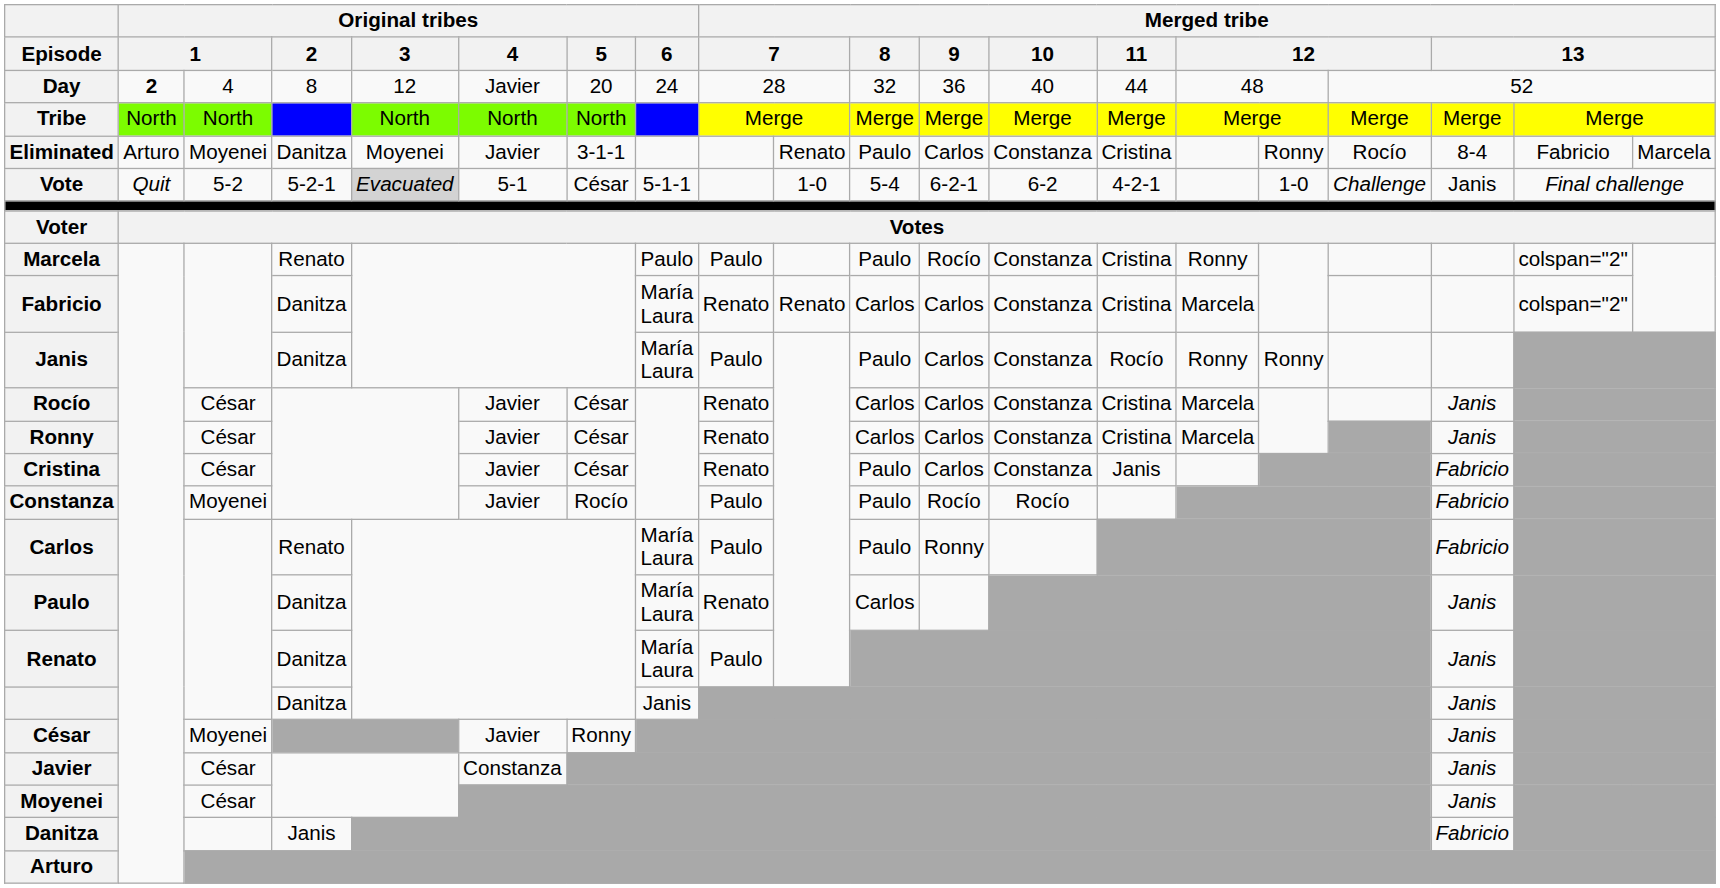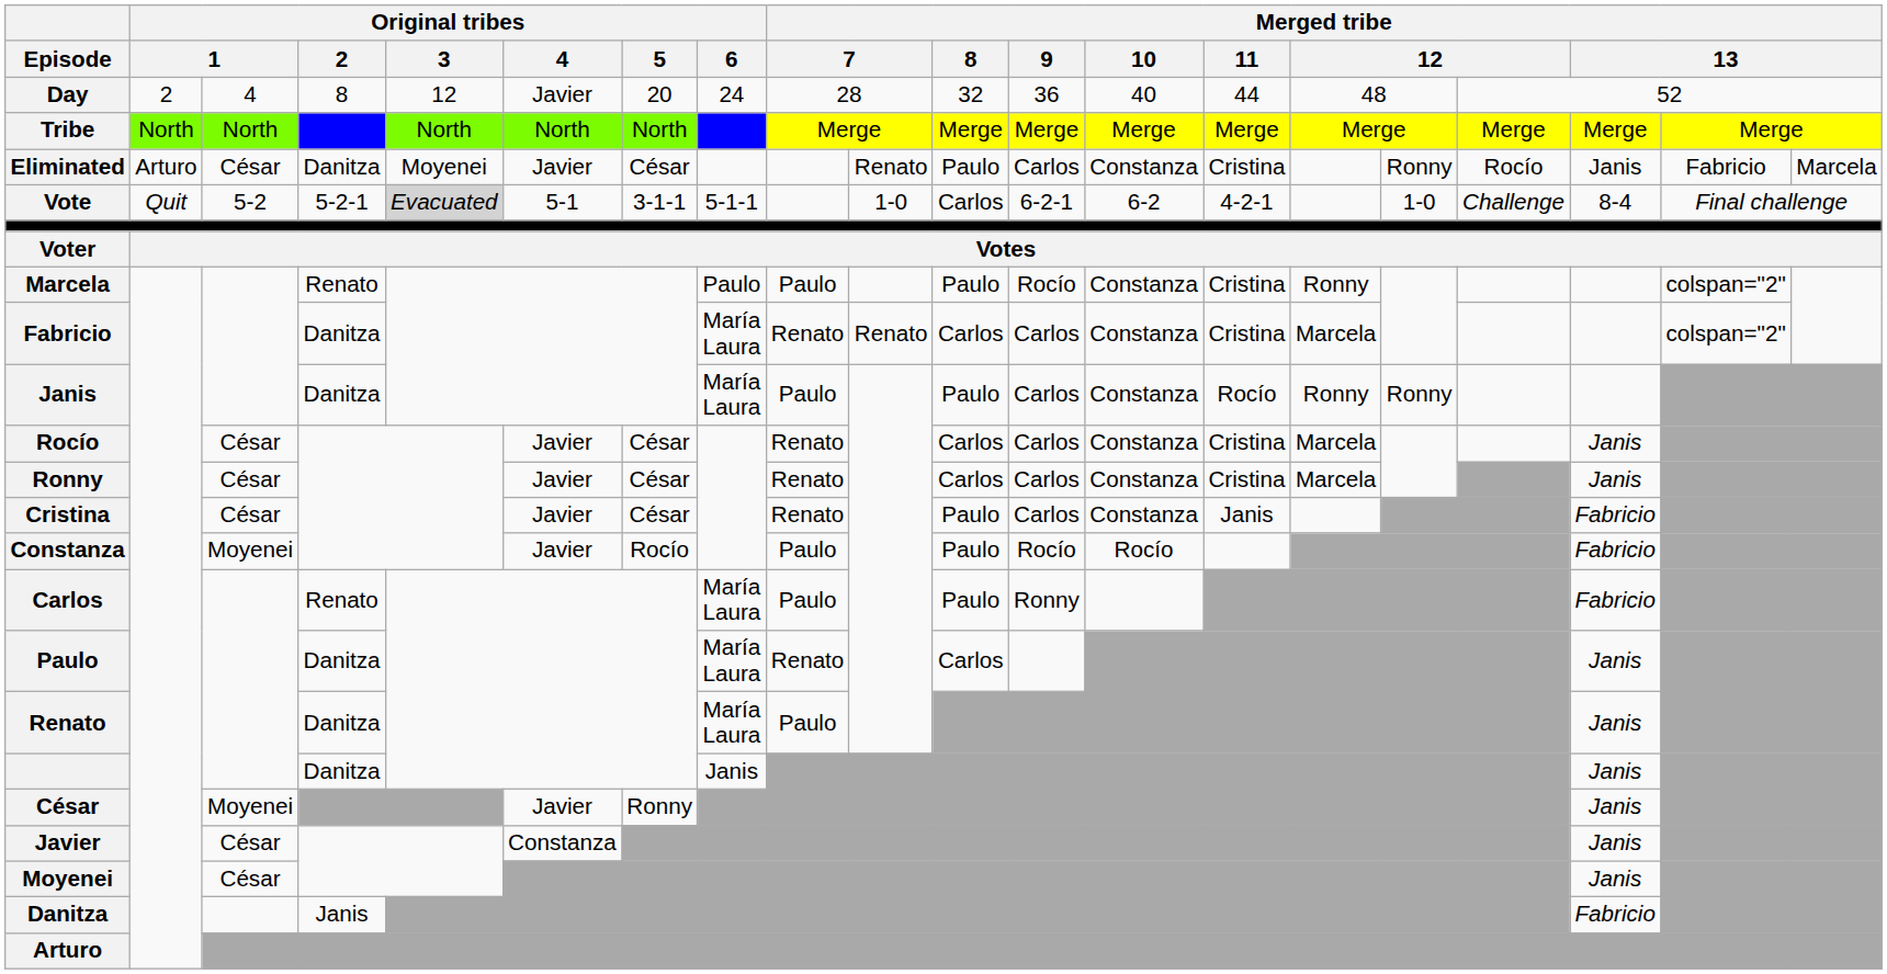 <table class="wikitable" style="text-align:center">
 <tr>
 <th></th>
 <th colspan=7>Original tribes</th>
 <th colspan=12>Merged tribe</th>
 </tr>
 <tr>
 <th>Episode</th>
 <th colspan="2">1</th>
 <th>2</th>
 <th>3</th>
 <th>4</th>
 <th>5</th>
 <th>6</th>
 <th colspan="2">7</th>
 <th>8</th>
 <th>9</th>
 <th>10</th>
 <th>11</th>
 <th colspan="3">12</th>
 <th colspan="3">13</th>
 </tr>
 <tr>
 <th>Day</th>
-<td><strong>2</strong></td>
+<td>2</td>
 <td>4</td>
 <td>8</td>
 <td>12</td>
 <td>Javier</td>
 <td>20</td>
 <td>24</td>
 <td colspan="2">28</td>
 <td>32</td>
 <td>36</td>
 <td>40</td>
 <td>44</td>
 <td colspan="2">48</td>
 <td colspan="4">52</td>
 </tr>
 <tr>
 <th>Tribe</th>
 <td bgcolor="#7cfc00">North</td>
 <td bgcolor="#7cfc00">North</td>
 <td bgcolor="blue"></td>
 <td bgcolor="#7cfc00">North</td>
 <td bgcolor="#7cfc00">North</td>
 <td bgcolor="#7cfc00">North</td>
 <td bgcolor="blue"></td>
 <td colspan="2" bgcolor="yellow">Merge</td>
 <td bgcolor="yellow">Merge</td>
 <td bgcolor="yellow">Merge</td>
 <td bgcolor="yellow">Merge</td>
 <td bgcolor="yellow">Merge</td>
 <td colspan="2" bgcolor="yellow">Merge</td>
 <td bgcolor="yellow">Merge</td>
 <td bgcolor="yellow">Merge</td>
 <td colspan="2" bgcolor="yellow">Merge</td>
 </tr>
 <tr>
 <th>Eliminated</th>
 <td>Arturo</td>
-<td>Moyenei</td>
+<td>César</td>
 <td>Danitza</td>
 <td>Moyenei</td>
 <td>Javier</td>
-<td>3-1-1</td>
+<td>César</td>
 <td></td>
 <td></td>
 <td>Renato</td>
 <td>Paulo</td>
 <td>Carlos</td>
 <td>Constanza</td>
 <td>Cristina</td>
 <td></td>
 <td>Ronny</td>
 <td>Rocío</td>
-<td>8-4</td>
+<td>Janis</td>
 <td>Fabricio</td>
 <td>Marcela</td>
 </tr>
 <tr>
 <th>Vote</th>
 <td><em>Quit</em></td>
 <td>5-2</td>
 <td>5-2-1</td>
 <td style="background: lightgrey;"><em>Evacuated</em></td>
 <td>5-1</td>
-<td>César</td>
+<td>3-1-1</td>
 <td>5-1-1</td>
 <td></td>
 <td>1-0</td>
-<td>5-4</td>
+<td>Carlos</td>
 <td>6-2-1</td>
 <td>6-2</td>
 <td>4-2-1</td>
 <td></td>
 <td>1-0</td>
 <td><em>Challenge</em></td>
-<td>Janis</td>
+<td>8-4</td>
 <td colspan="2"><em>Final challenge</em></td>
 </tr>
 <tr>
 <td bgcolor="black" colspan="20"></td>
 </tr>
 <tr>
 <th>Voter</th>
 <th colspan="19">Votes</th>
 </tr>
 <tr>
 <th>Marcela</th>
 <td rowspan="16"></td>
 <td rowspan="3"></td>
 <td>Renato</td>
 <td colspan="3" rowspan="3"></td>
 <td>Paulo</td>
 <td>Paulo</td>
 <td></td>
 <td>Paulo</td>
 <td>Rocío</td>
 <td>Constanza</td>
 <td>Cristina</td>
 <td>Ronny</td>
 <td rowspan="2"></td>
 <td></td>
 <td></td>
 <td>colspan="2" </td>
 </tr>
 <tr>
 <th>Fabricio</th>
 <td>Danitza</td>
 <td>María Laura</td>
 <td>Renato</td>
 <td>Renato</td>
 <td>Carlos</td>
 <td>Carlos</td>
 <td>Constanza</td>
 <td>Cristina</td>
 <td>Marcela</td>
 <td></td>
 <td></td>
 <td>colspan="2" </td>
 </tr>
 <tr>
 <th>Janis</th>
 <td>Danitza</td>
 <td>María Laura</td>
 <td>Paulo</td>
 <td rowspan="8"></td>
 <td>Paulo</td>
 <td>Carlos</td>
 <td>Constanza</td>
 <td>Rocío</td>
 <td>Ronny</td>
 <td>Ronny</td>
 <td></td>
 <td></td>
 <td colspan="2" bgcolor="darkgrey"></td>
 </tr>
 <tr>
 <th>Rocío</th>
 <td>César</td>
 <td colspan="2" rowspan="4"></td>
 <td>Javier</td>
 <td>César</td>
 <td rowspan="4"></td>
 <td>Renato</td>
 <td>Carlos</td>
 <td>Carlos</td>
 <td>Constanza</td>
 <td>Cristina</td>
 <td>Marcela</td>
 <td rowspan="2"></td>
 <td></td>
 <td><em>Janis</em></td>
 <td colspan="2" bgcolor="darkgrey"></td>
 </tr>
 <tr>
 <th>Ronny</th>
 <td>César</td>
 <td>Javier</td>
 <td>César</td>
 <td>Renato</td>
 <td>Carlos</td>
 <td>Carlos</td>
 <td>Constanza</td>
 <td>Cristina</td>
 <td>Marcela</td>
 <td bgcolor="darkgrey"></td>
 <td><em>Janis</em></td>
 <td colspan="2" bgcolor="darkgrey"></td>
 </tr>
 <tr>
 <th>Cristina</th>
 <td>César</td>
 <td>Javier</td>
 <td>César</td>
 <td>Renato</td>
 <td>Paulo</td>
 <td>Carlos</td>
 <td>Constanza</td>
 <td>Janis</td>
 <td></td>
 <td colspan="2" bgcolor="darkgrey"></td>
 <td><em>Fabricio</em></td>
 <td colspan="2" bgcolor="darkgrey"></td>
 </tr>
 <tr>
 <th>Constanza</th>
 <td>Moyenei</td>
 <td>Javier</td>
 <td>Rocío</td>
 <td>Paulo</td>
 <td>Paulo</td>
 <td>Rocío</td>
 <td>Rocío</td>
 <td></td>
 <td colspan="3" bgcolor="darkgrey"></td>
 <td><em>Fabricio</em></td>
 <td colspan="2" bgcolor="darkgrey"></td>
 </tr>
 <tr>
 <th>Carlos</th>
 <td rowspan="4"></td>
 <td>Renato</td>
 <td colspan="3" rowspan="4"></td>
 <td>María Laura</td>
 <td>Paulo</td>
 <td>Paulo</td>
 <td>Ronny</td>
 <td></td>
 <td colspan="4" bgcolor="darkgrey"></td>
 <td><em>Fabricio</em></td>
 <td colspan="2" bgcolor="darkgrey"></td>
 </tr>
 <tr>
 <th>Paulo</th>
 <td>Danitza</td>
 <td>María Laura</td>
 <td>Renato</td>
 <td>Carlos</td>
 <td></td>
 <td colspan="5" bgcolor="darkgrey"></td>
 <td><em>Janis</em></td>
 <td colspan="2" bgcolor="darkgrey"></td>
 </tr>
 <tr>
 <th>Renato</th>
 <td>Danitza</td>
 <td>María Laura</td>
 <td>Paulo</td>
 <td colspan="7" bgcolor="darkgrey"></td>
 <td><em>Janis</em></td>
 <td colspan="2" bgcolor="darkgrey"></td>
 </tr>
 <tr>
 <th></th>
 <td>Danitza</td>
 <td>Janis</td>
 <td colspan="9" bgcolor="darkgrey"></td>
 <td><em>Janis</em></td>
 <td colspan="2" bgcolor="darkgrey"></td>
 </tr>
 <tr>
 <th>César</th>
 <td>Moyenei</td>
 <td bgcolor="darkgrey" colspan="2"></td>
 <td>Javier</td>
 <td>Ronny</td>
 <td colspan="10" bgcolor="darkgrey"></td>
 <td><em>Janis</em></td>
 <td colspan="2" bgcolor="darkgrey"></td>
 </tr>
 <tr>
 <th>Javier</th>
 <td>César</td>
 <td colspan="2" rowspan="2"></td>
 <td>Constanza</td>
 <td colspan="11" bgcolor="darkgrey"></td>
 <td><em>Janis</em></td>
 <td colspan="2" bgcolor="darkgrey"></td>
 </tr>
 <tr>
 <th>Moyenei</th>
 <td>César</td>
 <td colspan="12" bgcolor="darkgrey"></td>
 <td><em>Janis</em></td>
 <td colspan="2" bgcolor="darkgrey"></td>
 </tr>
 <tr>
 <th>Danitza</th>
 <td></td>
 <td>Janis</td>
 <td colspan="13" bgcolor="darkgrey"></td>
 <td><em>Fabricio</em></td>
 <td colspan="2" bgcolor="darkgrey"></td>
 </tr>
 <tr>
 <th>Arturo</th>
 <td colspan="18" bgcolor="darkgrey"></td>
 </tr>
 </table>
